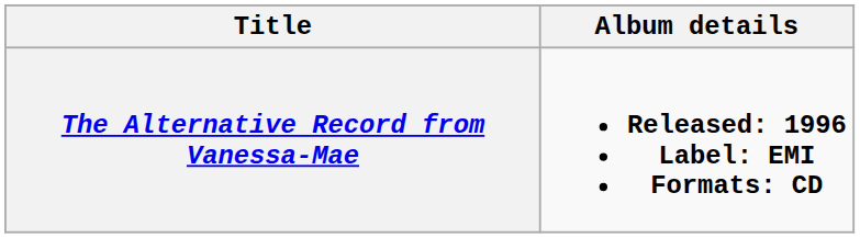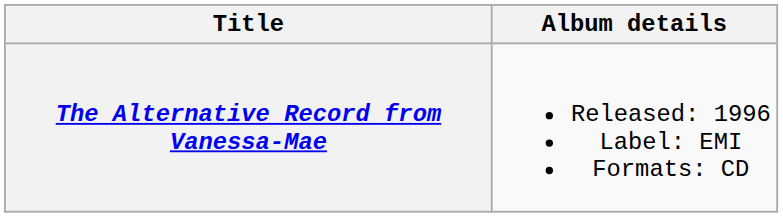 <table class="wikitable plainrowheaders" style="text-align:center;">
 <tr>
 <th scope="col" style="width:20em;">Title</th>
 <th scope="col">Album details</th>
 </tr>
 <tr>
 <th scope="row"><em><a href='#'>The Alternative Record from Vanessa-Mae</a></em></th>
-<td><strong><br><ul><li>Released: 1996</li><li>Label: EMI</li><li>Formats: CD</li></ul></strong></td>
+<td><br><ul><li>Released: 1996</li><li>Label: EMI</li><li>Formats: CD</li></ul></td>
 </tr>
 </table>
